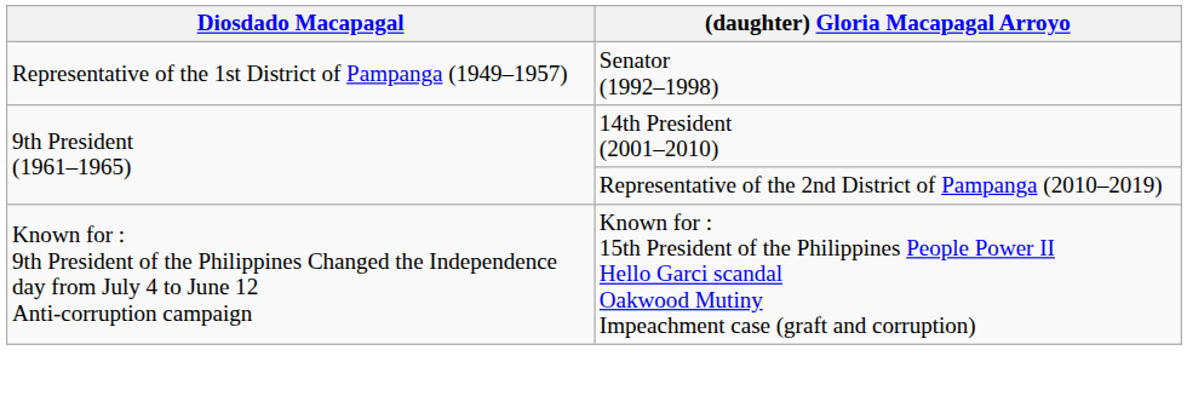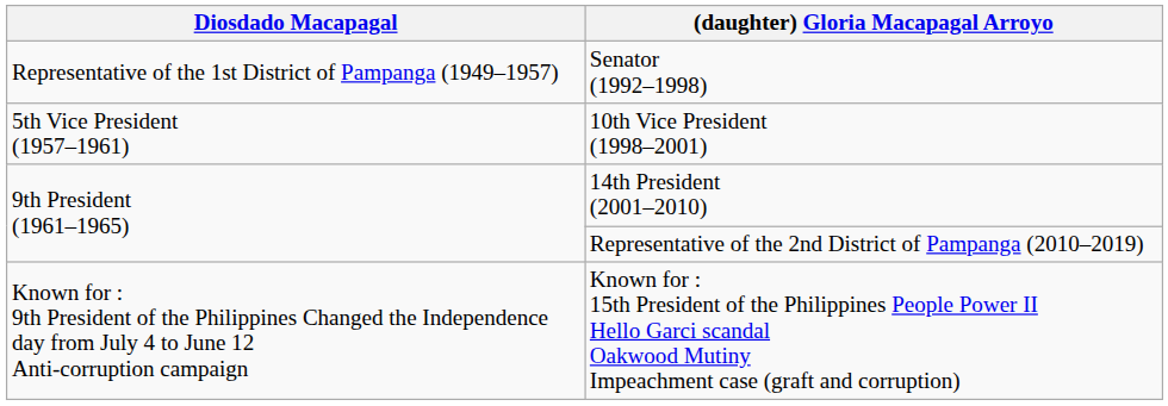 <table class="wikitable" style="margin-left: auto; margin-right: auto; border: none;">
 <tr>
 <th scope="col" style="width: 300pt;"><a href='#'>Diosdado Macapagal</a><br></th>
 <th scope="col" style="width: 300pt;">(daughter) <a href='#'>Gloria Macapagal Arroyo</a><br></th>
 </tr>
 <tr>
 <td>Representative of the 1st District of <a href='#'>Pampanga</a> (1949–1957)</td>
 <td>Senator<br>(1992–1998)</td>
+</tr>
+<tr>
+<td>5th Vice President<br>(1957–1961)</td>
+<td>10th Vice President<br>(1998–2001)</td>
 </tr>
 <tr>
 <td rowspan="2">9th President<br>(1961–1965)</td>
 <td>14th President<br>(2001–2010)</td>
 </tr>
 <tr>
 <td>Representative of the 2nd District of <a href='#'>Pampanga</a> (2010–2019)</td>
 </tr>
 <tr>
 <td>Known for :<br>9th President of the Philippines Changed the Independence day from July 4 to June 12<br>Anti-corruption campaign</td>
 <td>Known for :<br>15th President of the Philippines <a href='#'>People Power II</a><br><a href='#'>Hello Garci scandal</a><br><a href='#'>Oakwood Mutiny</a><br>Impeachment case (graft and corruption)</td>
 </tr>
 </table>
